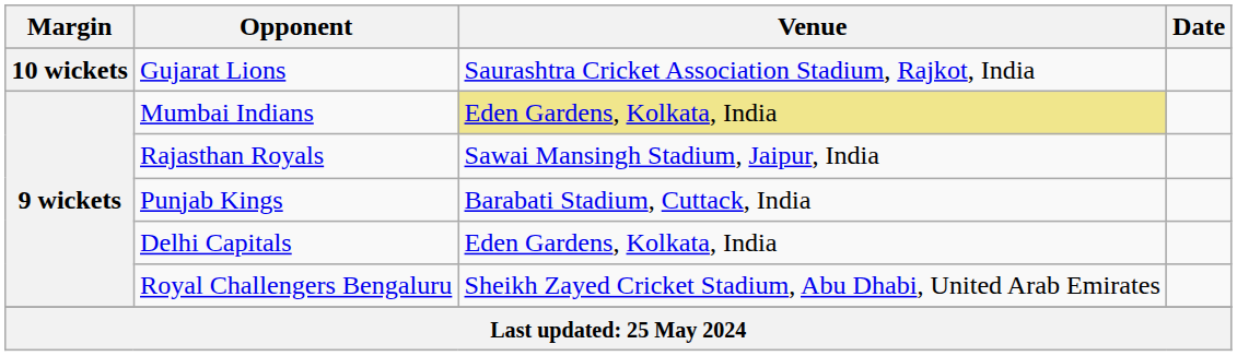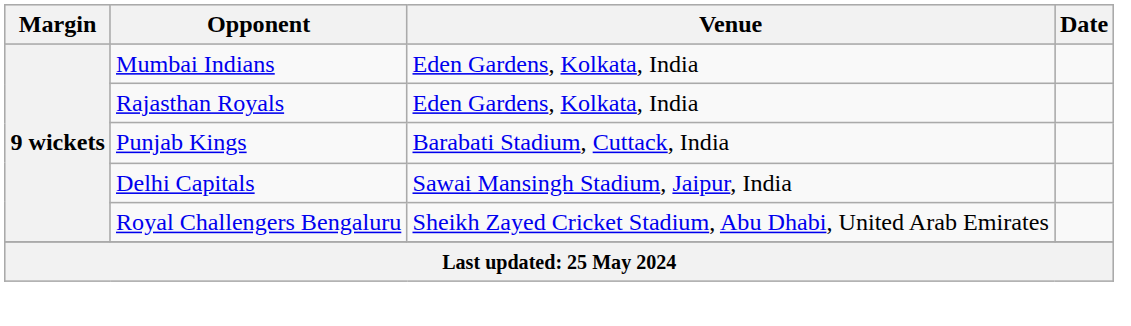 <table class="wikitable sortable" style="text-align:left;font-size:96%;">
 <tr>
 <th>Margin</th>
 <th>Opponent</th>
 <th>Venue</th>
 <th>Date</th>
 </tr>
 <tr>
-<th>10 wickets</th>
-<td><a href='#'>Gujarat Lions</a></td>
-<td><a href='#'>Saurashtra Cricket Association Stadium</a>, <a href='#'>Rajkot</a>, India</td>
-<td></td>
-</tr>
-<tr>
 <th rowspan="5">9 wickets</th>
 <td><a href='#'>Mumbai Indians</a></td>
-<td style="background: khaki;"><a href='#'>Eden Gardens</a>, <a href='#'>Kolkata</a>, India</td>
+<td><a href='#'>Eden Gardens</a>, <a href='#'>Kolkata</a>, India</td>
 <td></td>
 </tr>
 <tr>
 <td><a href='#'>Rajasthan Royals</a></td>
-<td><a href='#'>Sawai Mansingh Stadium</a>, <a href='#'>Jaipur</a>, India</td>
+<td><a href='#'>Eden Gardens</a>, <a href='#'>Kolkata</a>, India</td>
 <td></td>
 </tr>
 <tr>
 <td><a href='#'>Punjab Kings</a></td>
 <td><a href='#'>Barabati Stadium</a>, <a href='#'>Cuttack</a>, India</td>
 <td></td>
 </tr>
 <tr>
 <td><a href='#'>Delhi Capitals</a></td>
-<td><a href='#'>Eden Gardens</a>, <a href='#'>Kolkata</a>, India</td>
+<td><a href='#'>Sawai Mansingh Stadium</a>, <a href='#'>Jaipur</a>, India</td>
 <td></td>
 </tr>
 <tr>
 <td><a href='#'>Royal Challengers Bengaluru</a></td>
 <td><a href='#'>Sheikh Zayed Cricket Stadium</a>, <a href='#'>Abu Dhabi</a>, United Arab Emirates</td>
 <td></td>
 </tr>
 <tr>
 </tr>
 <tr class="sortbottom">
 <th colspan="4"><small>Last updated: 25 May 2024</small></th>
 </tr>
 </table>
